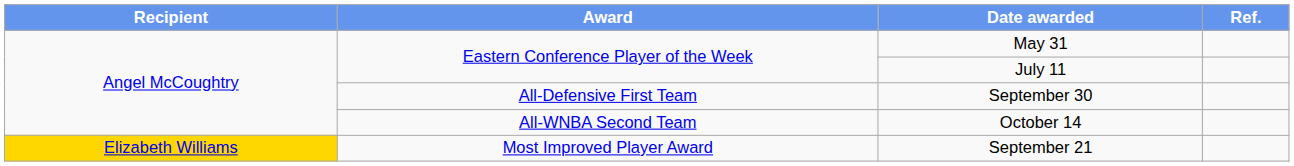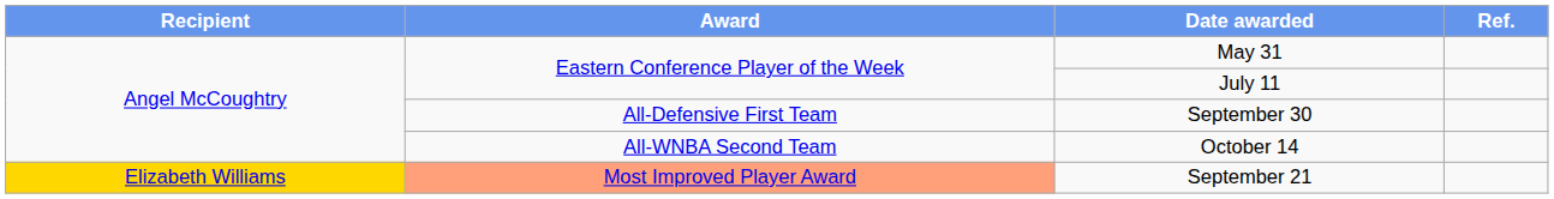 <table class="wikitable sortable sortable" style="text-align: center">
 <tr>
 <th style="background:#6495ED;color:white"; width="5%">Recipient</th>
 <th style="background:#6495ED;color:white"; width="9%">Award</th>
 <th style="background:#6495ED;color:white"; width="5%">Date awarded</th>
 <th style="background:#6495ED;color:white"; width="1%" class="unsortable">Ref.</th>
 </tr>
 <tr>
 <td rowspan=4><a href='#'>Angel McCoughtry</a></td>
 <td rowspan=2><a href='#'>Eastern Conference Player of the Week</a></td>
 <td>May 31</td>
 <td></td>
 </tr>
 <tr>
 <td>July 11</td>
 <td></td>
 </tr>
 <tr>
 <td><a href='#'>All-Defensive First Team</a></td>
 <td>September 30</td>
 <td></td>
 </tr>
 <tr>
 <td><a href='#'>All-WNBA Second Team</a></td>
 <td>October 14</td>
 <td></td>
 </tr>
 <tr>
 <td style="background: gold;"><a href='#'>Elizabeth Williams</a></td>
-<td><a href='#'>Most Improved Player Award</a></td>
+<td style="background: lightsalmon;"><a href='#'>Most Improved Player Award</a></td>
 <td>September 21</td>
 <td></td>
 </tr>
 </table>
